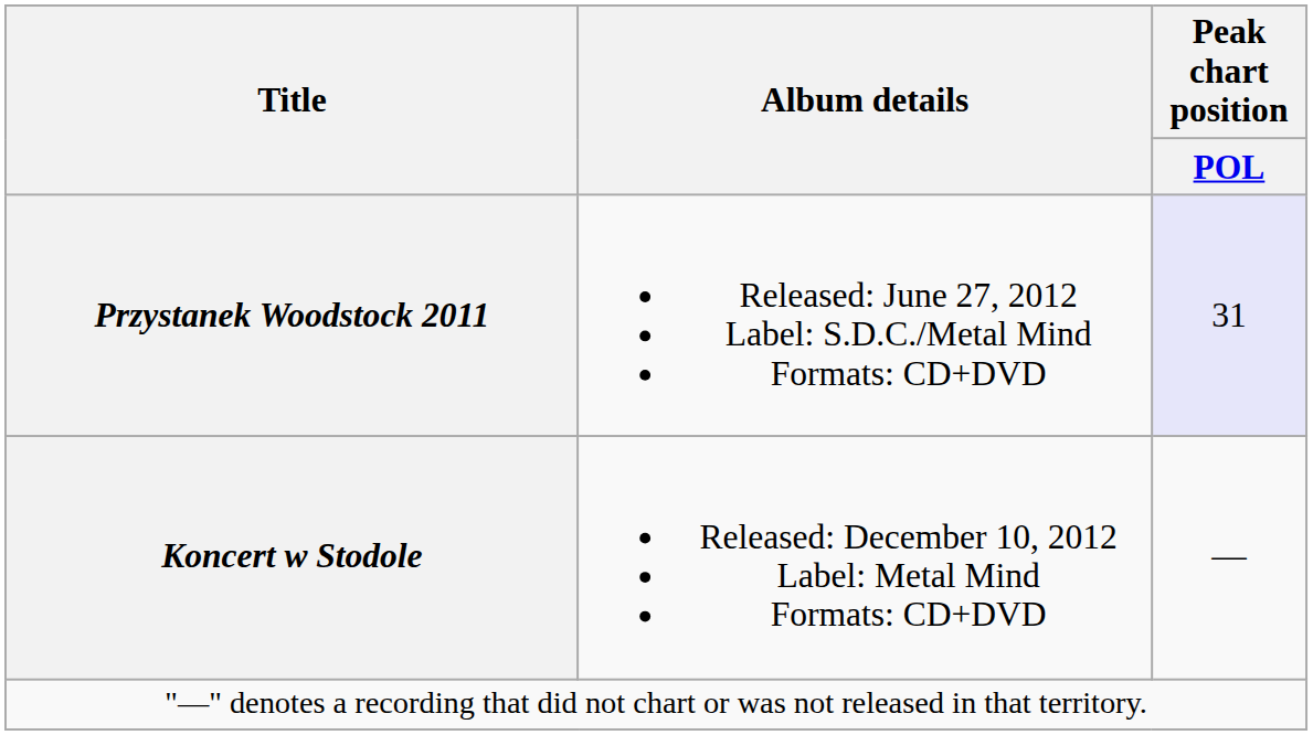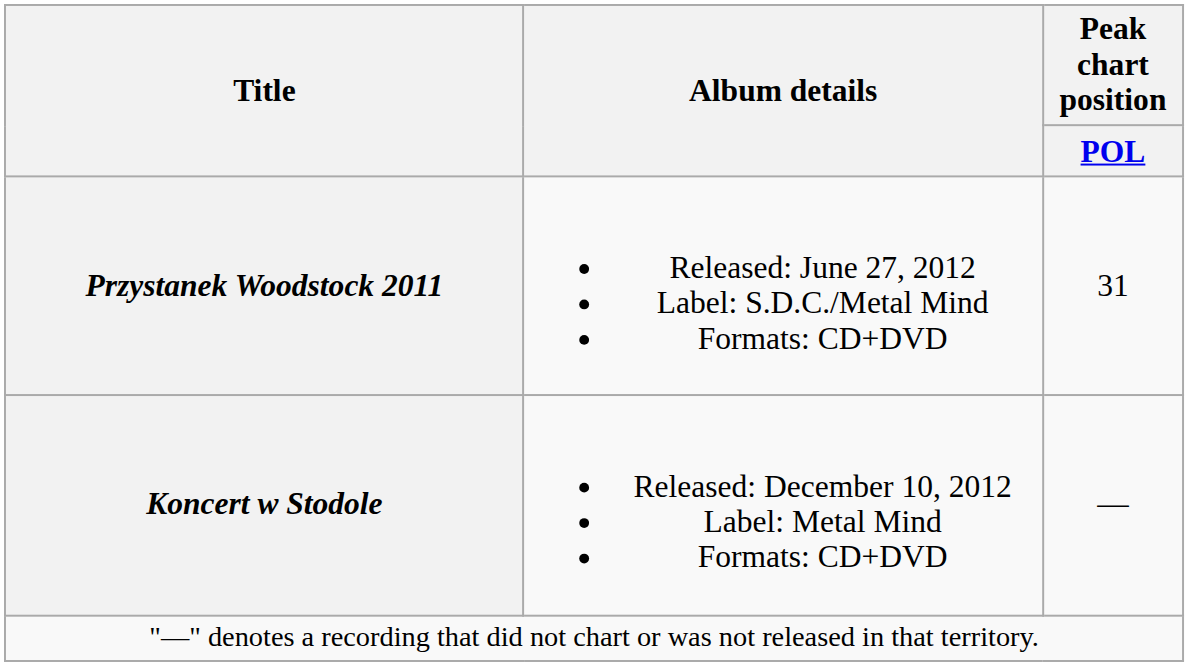 <table class="wikitable plainrowheaders" border="1" style="text-align:center;">
 <tr>
 <th scope="col" rowspan="2" style="width: 16em;">Title</th>
 <th scope="col" rowspan="2" style="width: 16em;">Album details</th>
 <th scope="col" colspan="1">Peak chart<br>position</th>
 </tr>
 <tr>
 <th scope="col" style="width: 4em;"><a href='#'>POL</a></th>
 </tr>
 <tr>
 <th scope="row"><em>Przystanek Woodstock 2011</em></th>
 <td><br><ul><li>Released: June 27, 2012</li><li>Label: S.D.C./Metal Mind</li><li>Formats: CD+DVD</li></ul></td>
-<td style="background: lavender;">31</td>
+<td>31</td>
 </tr>
 <tr>
 <th scope="row"><em>Koncert w Stodole</em></th>
 <td><br><ul><li>Released: December 10, 2012</li><li>Label: Metal Mind</li><li>Formats: CD+DVD</li></ul></td>
 <td>—</td>
 </tr>
 <tr>
 <td colspan="10" style="font-size:90%">"—" denotes a recording that did not chart or was not released in that territory.</td>
 </tr>
 </table>
